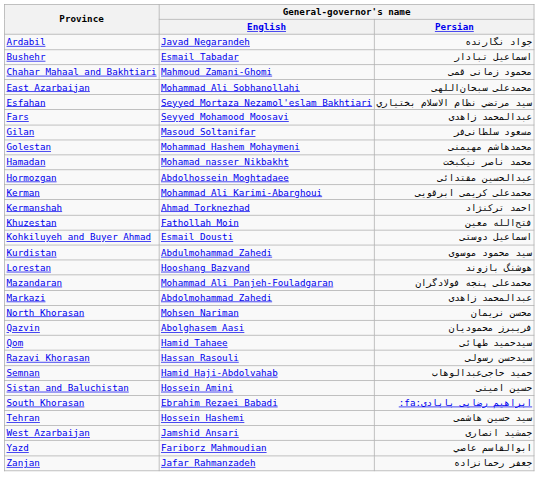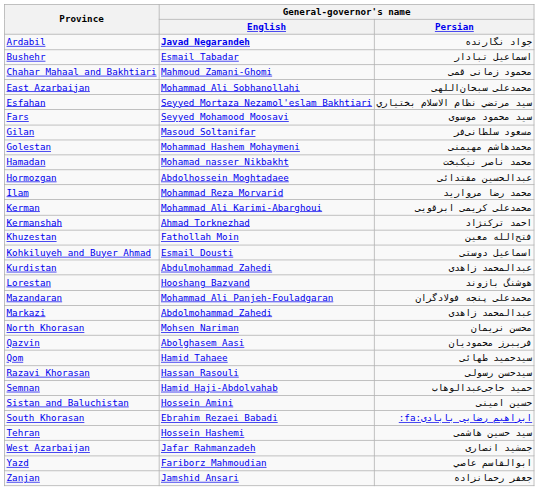 <table class="wikitable">
 <tr align = "center">
 <th rowspan="2"><strong>Province</strong></th>
 <th colspan="2"><strong>General-governor's name</strong></th>
 </tr>
 <tr align="center">
 <th><a href='#'>English</a></th>
 <th><a href='#'>Persian</a></th>
 </tr>
 <tr align="left">
 <td><a href='#'>Ardabil</a></td>
-<td><a href='#'>Javad Negarandeh</a></td>
+<td><strong><a href='#'>Javad Negarandeh</a></strong></td>
 <td align="right">جواد نگارنده</td>
 </tr>
 <tr align="left">
 <td><a href='#'>Bushehr</a></td>
 <td><a href='#'>Esmail Tabadar</a></td>
 <td align="right">اسماعیل تبادار</td>
 </tr>
 <tr align="left">
 <td><a href='#'>Chahar Mahaal and Bakhtiari</a></td>
 <td><a href='#'>Mahmoud Zamani-Ghomi</a></td>
 <td align="right">محمود زمانی قمی</td>
 </tr>
 <tr align="left">
 <td><a href='#'>East Azarbaijan</a></td>
 <td><a href='#'>Mohammad Ali Sobhanollahi</a></td>
 <td align="right">محمدعلی سبحان‌اللهی</td>
 </tr>
 <tr align="left">
 <td><a href='#'>Esfahan</a></td>
 <td><a href='#'>Seyyed Mortaza Nezamol'eslam Bakhtiari</a></td>
 <td align="right">سید مرتضي نظام الاسلام بختياري</td>
 </tr>
 <tr align="left">
 <td><a href='#'>Fars</a></td>
 <td><a href='#'>Seyyed Mohamood Moosavi</a></td>
-<td align="right">عبدالمحمد زاهدی</td>
+<td align="right">سید محمود موسوی</td>
 </tr>
 <tr align="left">
 <td><a href='#'>Gilan</a></td>
 <td><a href='#'>Masoud Soltanifar</a></td>
 <td align="right">مسعود سلطانی‌فر</td>
 </tr>
 <tr align="left">
 <td><a href='#'>Golestan</a></td>
 <td><a href='#'>Mohammad Hashem Mohaymeni</a></td>
 <td align="right">محمدهاشم مهیمنی</td>
 </tr>
 <tr align="left">
 <td><a href='#'>Hamadan</a></td>
 <td><a href='#'>Mohamad nasser Nikbakht</a></td>
 <td align="right">محمد ناصر نيکبخت</td>
 </tr>
 <tr align="left">
 <td><a href='#'>Hormozgan</a></td>
 <td><a href='#'>Abdolhossein Moghtadaee</a></td>
 <td align="right">عبدالحسین مقتدائی</td>
+</tr>
+<tr align="left">
+<td><a href='#'>Ilam</a></td>
+<td><a href='#'>Mohammad Reza Morvarid</a></td>
+<td align="right">محمد رضا مروارید</td>
 </tr>
 <tr align="left">
 <td><a href='#'>Kerman</a></td>
 <td><a href='#'>Mohammad Ali Karimi-Abarghoui</a></td>
 <td align="right">محمدعلی کریمی ابرقویی</td>
 </tr>
 <tr align="left">
 <td><a href='#'>Kermanshah</a></td>
 <td><a href='#'>Ahmad Torknezhad</a></td>
 <td align="right">احمد ترکنژاد</td>
 </tr>
 <tr align="left">
 <td><a href='#'>Khuzestan</a></td>
 <td><a href='#'>Fathollah Moin</a></td>
 <td align="right">فتح‌الله معین</td>
 </tr>
 <tr align="left">
 <td><a href='#'>Kohkiluyeh and Buyer Ahmad</a></td>
 <td><a href='#'>Esmail Dousti</a></td>
 <td align="right">اسماعیل دوستی</td>
 </tr>
 <tr align="left">
 <td><a href='#'>Kurdistan</a></td>
 <td><a href='#'>Abdulmohammad Zahedi</a></td>
-<td align="right">سید محمود موسوی</td>
+<td align="right">عبدالمحمد زاهدی</td>
 </tr>
 <tr align="left">
 <td><a href='#'>Lorestan</a></td>
 <td><a href='#'>Hooshang Bazvand</a></td>
 <td align="right">هوشنگ بازوند</td>
 </tr>
 <tr align="left">
 <td><a href='#'>Mazandaran</a></td>
 <td><a href='#'>Mohammad Ali Panjeh-Fouladgaran</a></td>
 <td align="right">محمدعلی پنجه فولادگران</td>
 </tr>
 <tr align="left">
 <td><a href='#'>Markazi</a></td>
 <td><a href='#'>Abdolmohammad Zahedi</a></td>
 <td align="right">عبدالمحمد زاهدی</td>
 </tr>
 <tr align="left">
 <td><a href='#'>North Khorasan</a></td>
 <td><a href='#'>Mohsen Nariman</a></td>
 <td align="right">محسن نریمان</td>
 </tr>
 <tr align="left">
 <td><a href='#'>Qazvin</a></td>
 <td><a href='#'>Abolghasem Aasi</a></td>
 <td align="right">فریبرز محمودیان</td>
 </tr>
 <tr align="left">
 <td><a href='#'>Qom</a></td>
 <td><a href='#'>Hamid Tahaee</a></td>
 <td align="right">سیدحمید طهائی</td>
 </tr>
 <tr align="left">
 <td><a href='#'>Razavi Khorasan</a></td>
 <td><a href='#'>Hassan Rasouli</a></td>
 <td align="right">سیدحسن رسولی</td>
 </tr>
 <tr align="left">
 <td><a href='#'>Semnan</a></td>
 <td><a href='#'>Hamid Haji-Abdolvahab</a></td>
 <td align="right">حميد حاجی‌عبدالوهاب</td>
 </tr>
 <tr align="left">
 <td><a href='#'>Sistan and Baluchistan</a></td>
 <td><a href='#'>Hossein Amini</a></td>
 <td align="right">حسین امینی</td>
 </tr>
 <tr align="left">
 <td><a href='#'>South Khorasan</a></td>
 <td><a href='#'>Ebrahim Rezaei Babadi</a></td>
 <td align="right"><a href='#'>:fa:ابراهیم رضایی بابادی</a></td>
 </tr>
 <tr align="left">
 <td><a href='#'>Tehran</a></td>
 <td><a href='#'>Hossein Hashemi</a></td>
 <td align="right">سید حسین هاشمی</td>
 </tr>
 <tr align="left">
 <td><a href='#'>West Azarbaijan</a></td>
-<td><a href='#'>Jamshid Ansari</a></td>
+<td><a href='#'>Jafar Rahmanzadeh</a></td>
 <td align="right">جمشید انصاری</td>
 </tr>
 <tr align="left">
 <td><a href='#'>Yazd</a></td>
 <td><a href='#'>Fariborz Mahmoudian</a></td>
 <td align="right">ابوالقاسم عاصي</td>
 </tr>
 <tr align="left">
 <td><a href='#'>Zanjan</a></td>
-<td><a href='#'>Jafar Rahmanzadeh</a></td>
+<td><a href='#'>Jamshid Ansari</a></td>
 <td align="right">جعفر رحمانزاده</td>
 </tr>
 </table>
